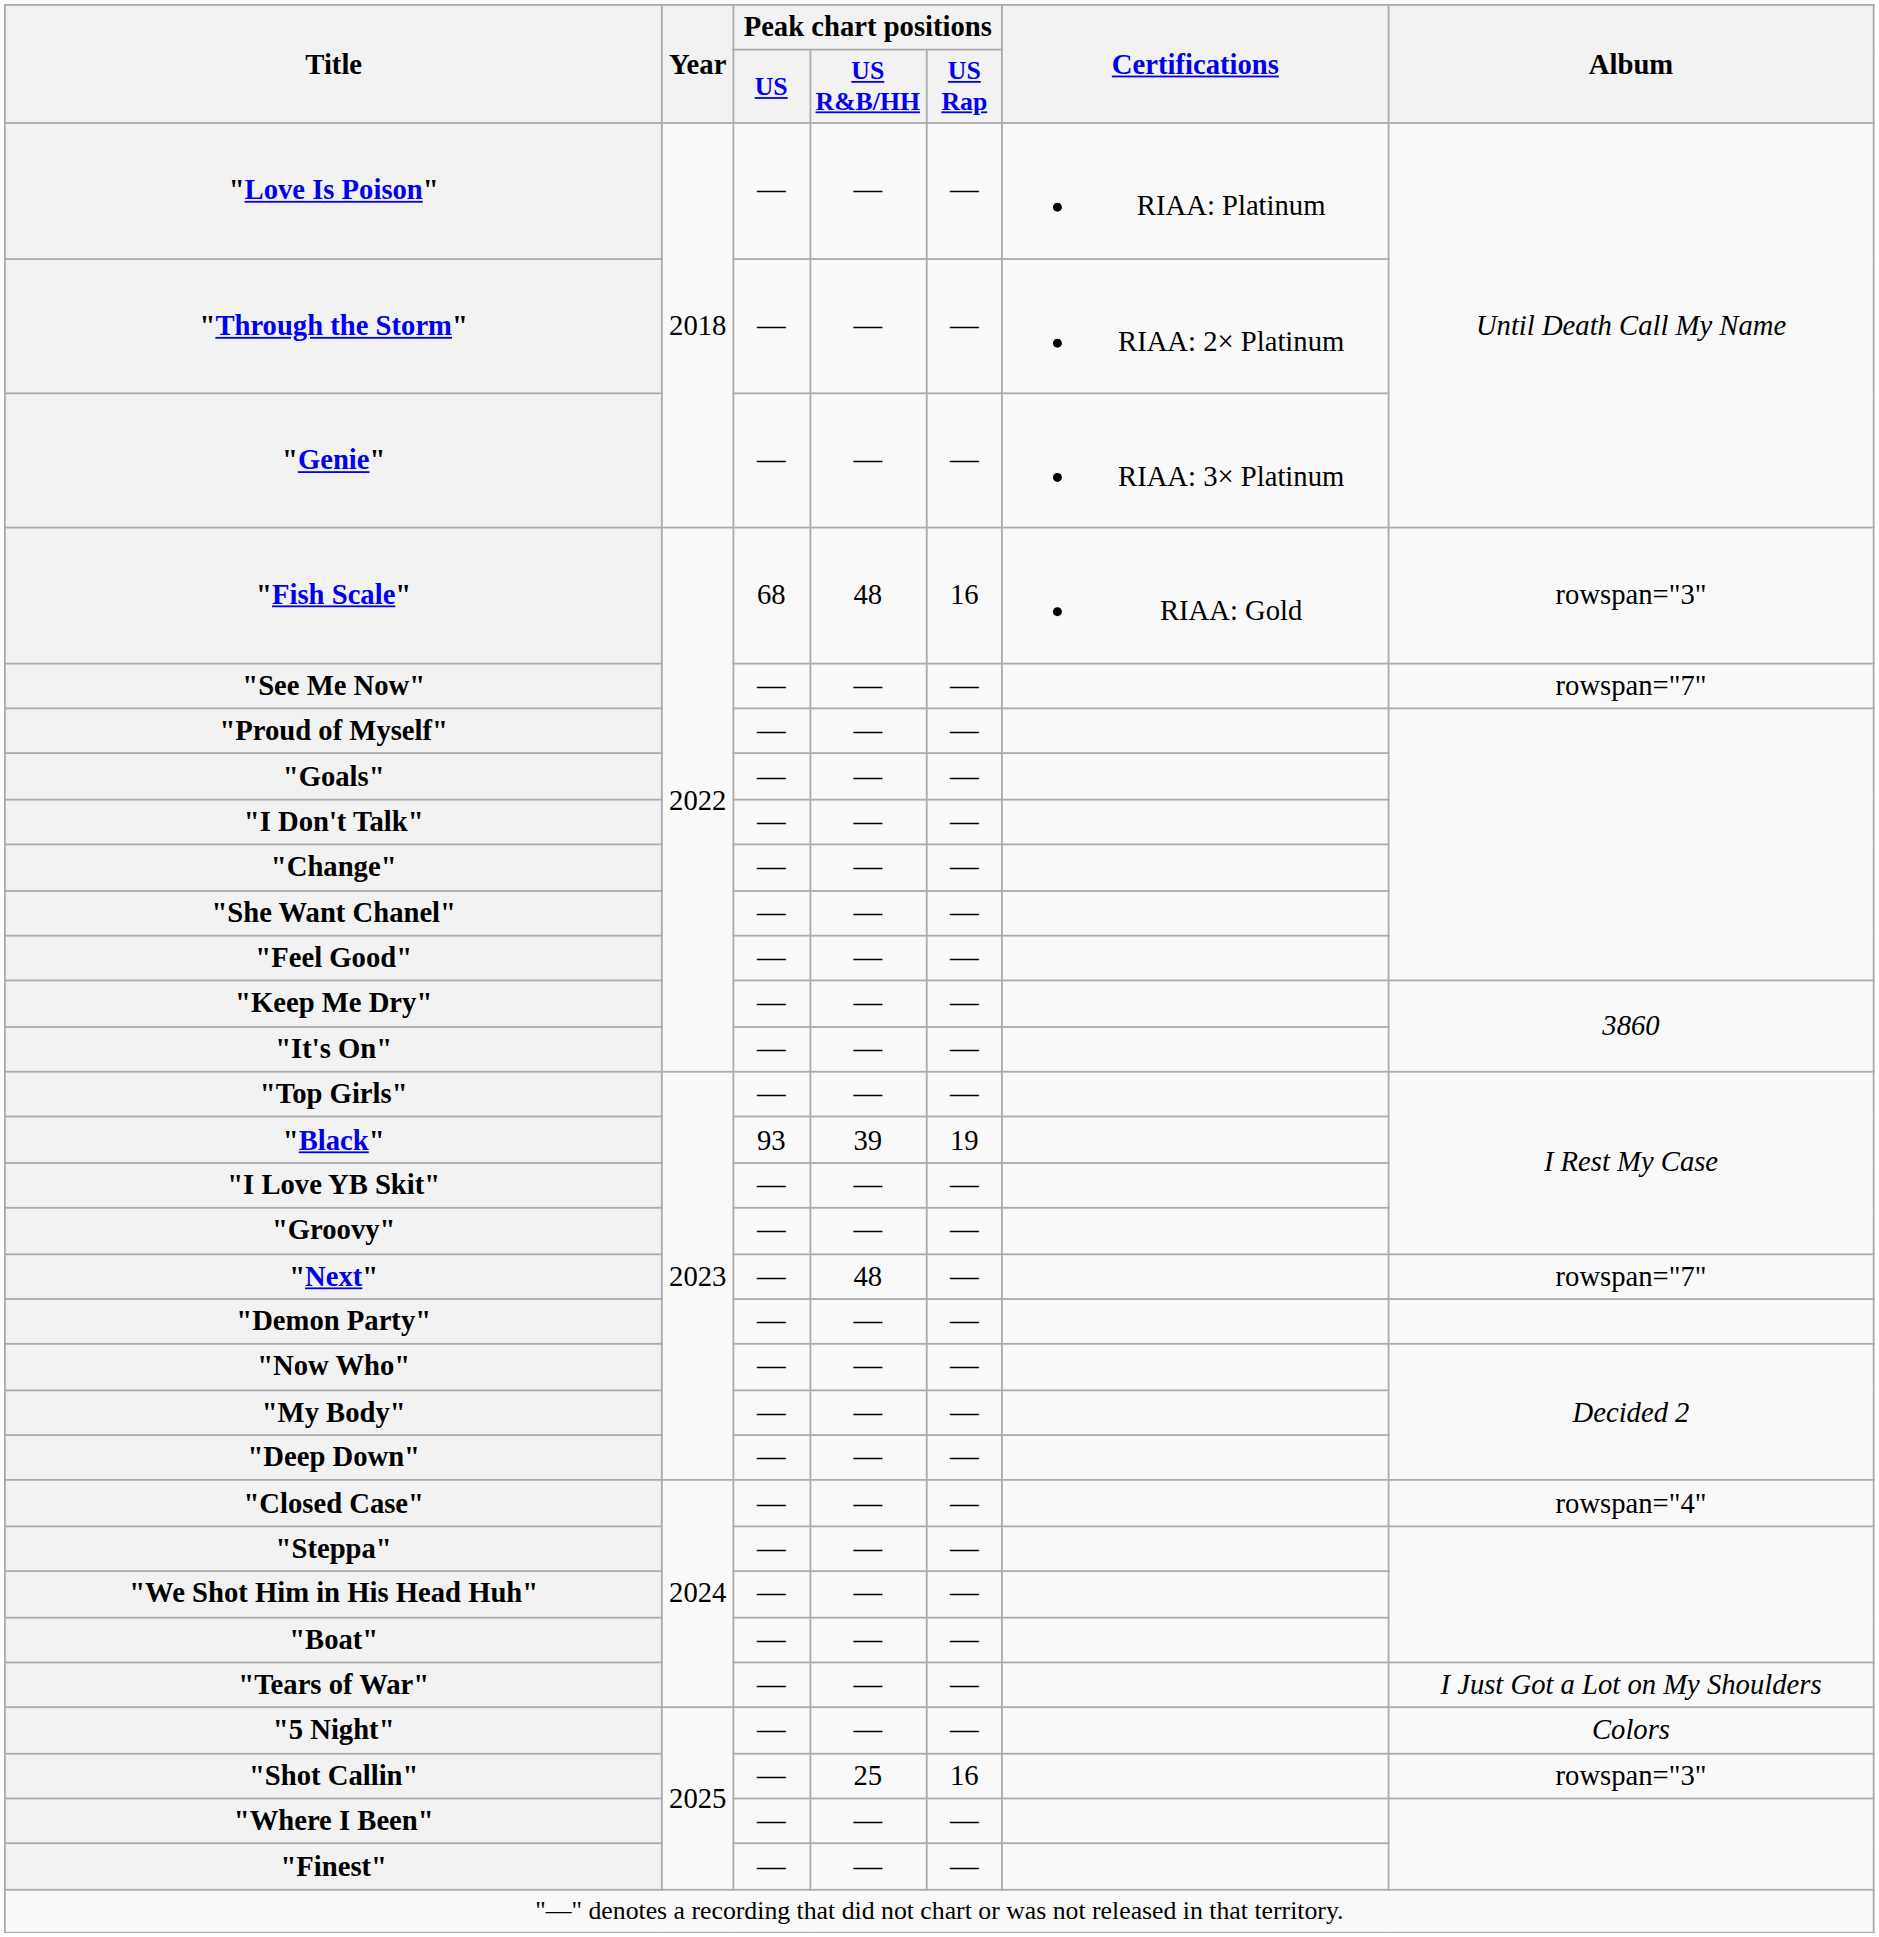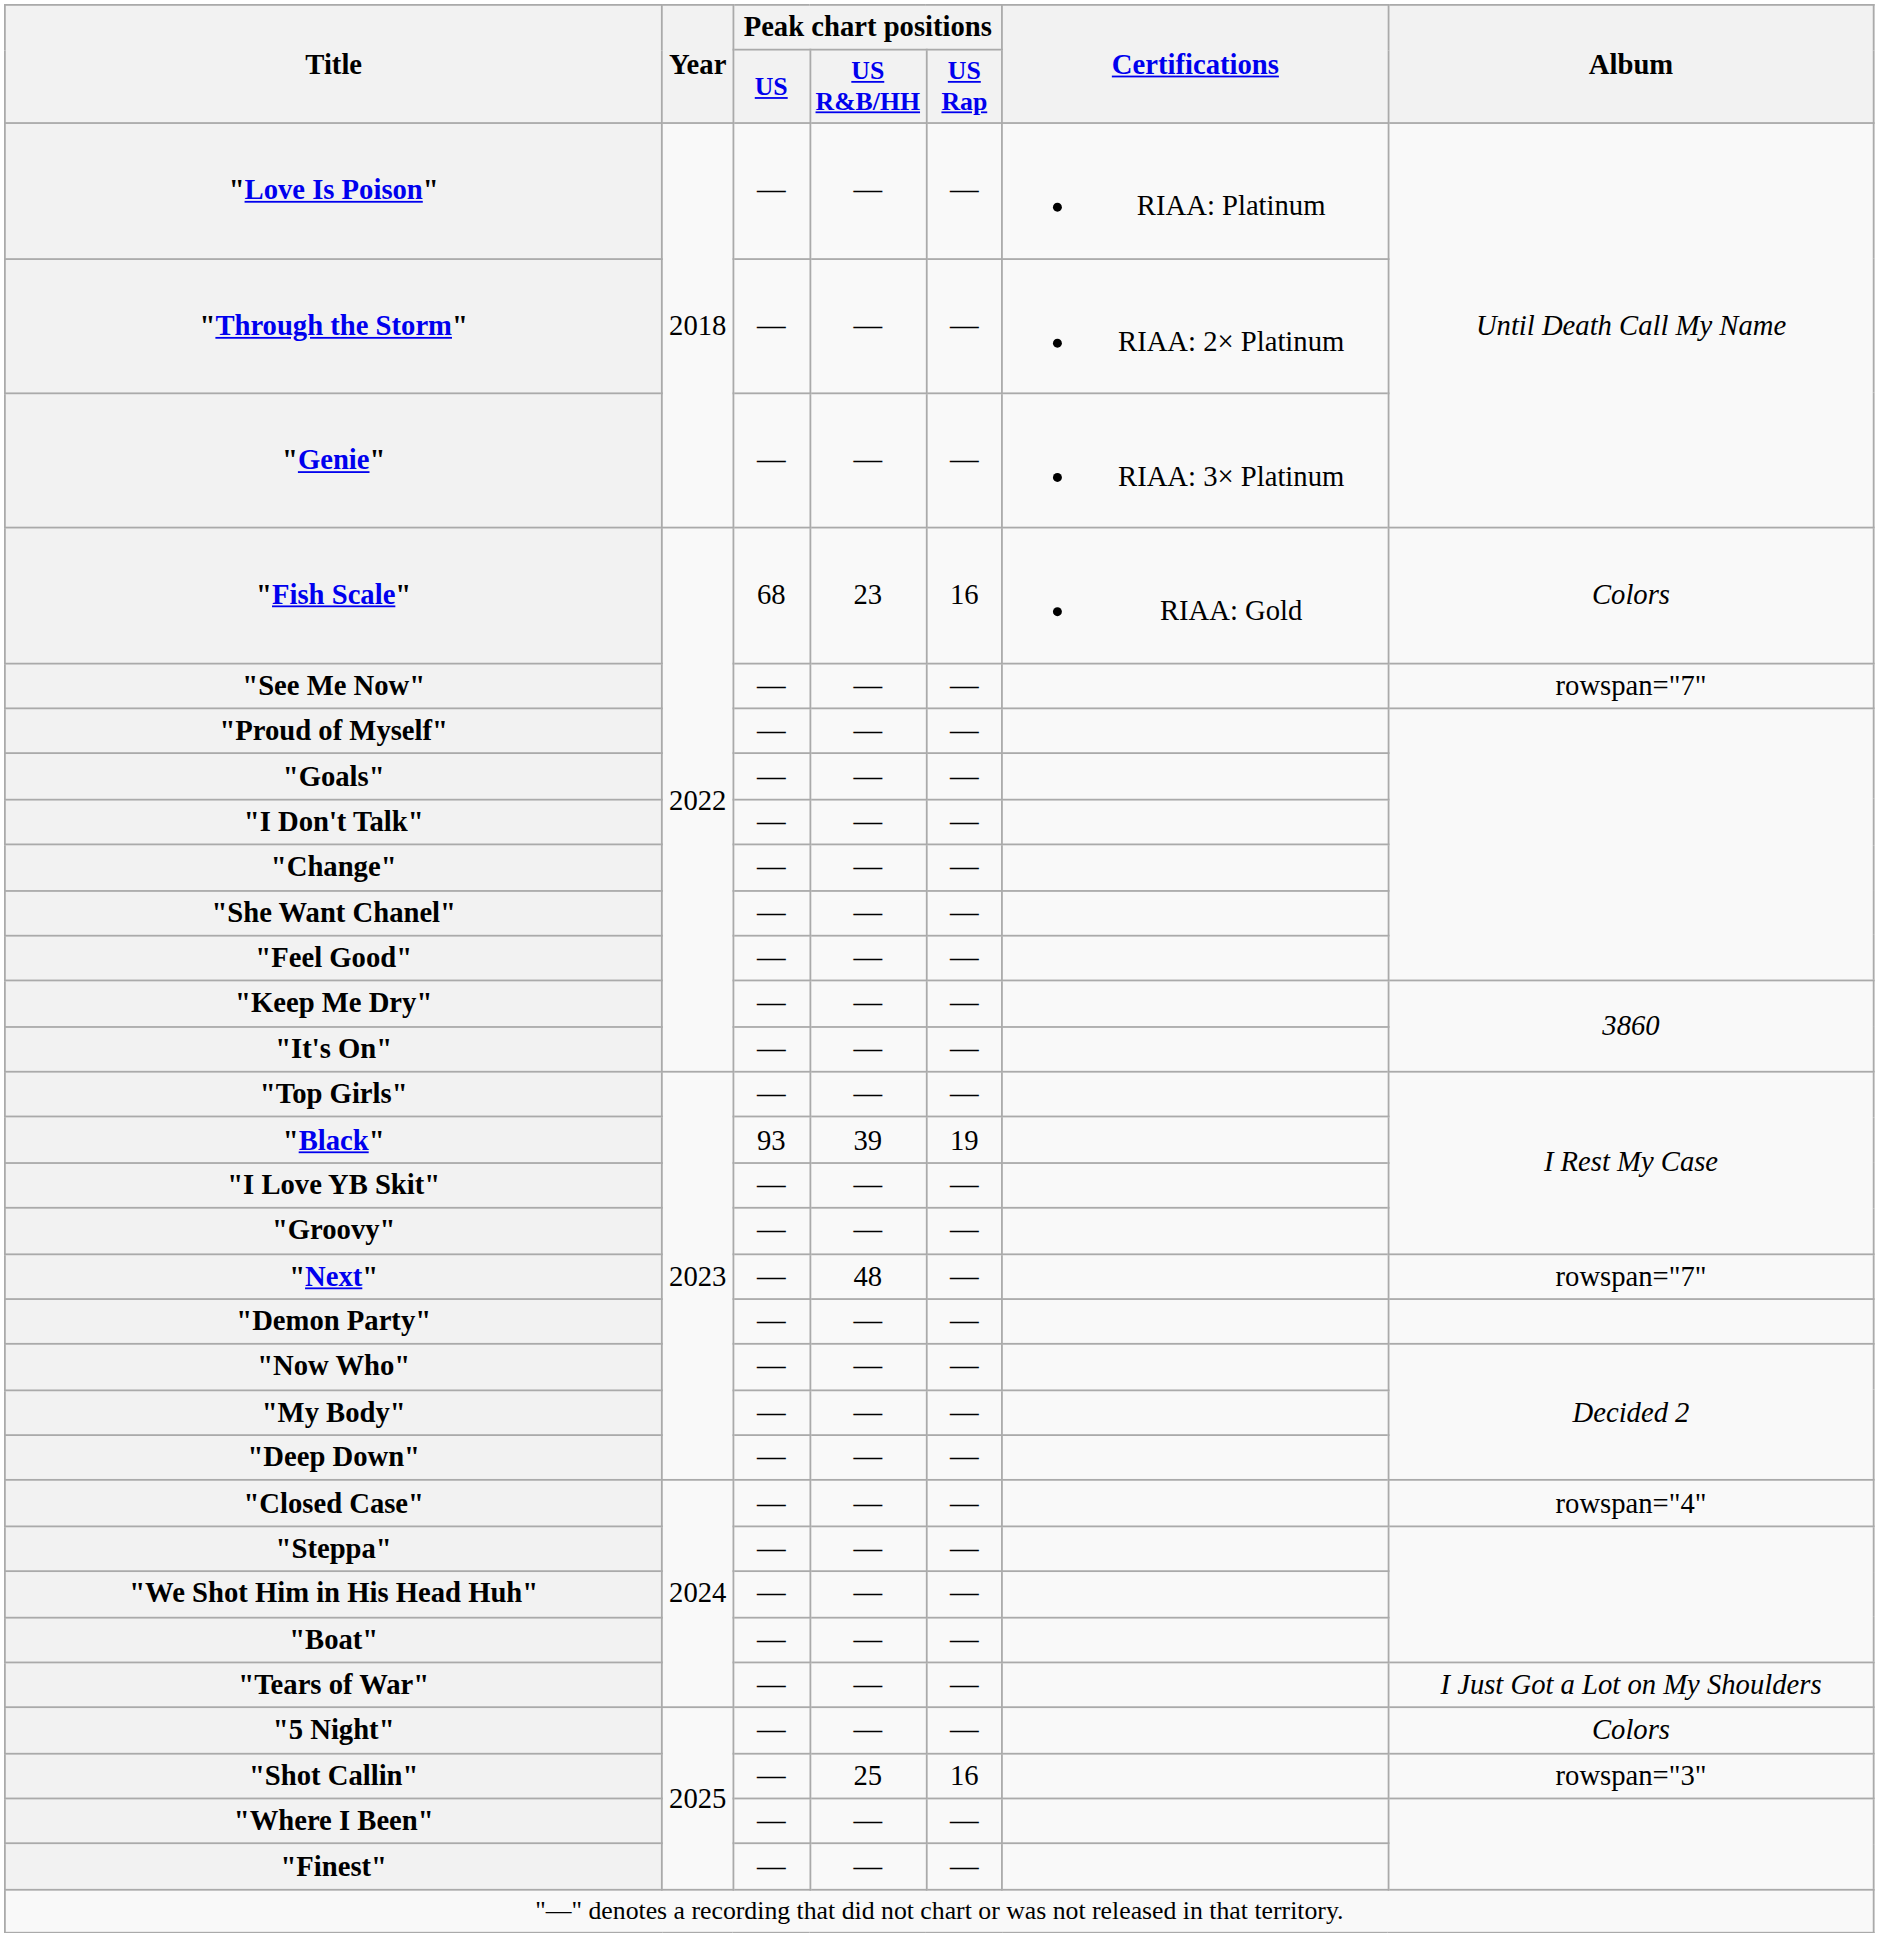 <table class="wikitable plainrowheaders" style="text-align:center;">
 <tr>
 <th scope="col" rowspan="2" style="width:22.5em;">Title</th>
 <th scope="col" rowspan="2" style="width:1em;">Year</th>
 <th scope="col" colspan="3">Peak chart positions</th>
 <th scope="col" rowspan="2" style="width:13em;"><a href='#'>Certifications</a></th>
 <th scope="col" rowspan="2" style="width:16.5em;">Album</th>
 </tr>
 <tr>
 <th scope="col" style="width:2.5em;font-size:90%;"><a href='#'>US</a><br></th>
 <th scope="col" style="width:2.5em;font-size:90%;"><a href='#'>US<br>R&B/HH</a><br></th>
 <th scope="col" style="width:2.5em;font-size:90%;"><a href='#'>US<br>Rap</a><br></th>
 </tr>
 <tr>
 <th scope="row">"<a href='#'>Love Is Poison</a>"</th>
 <td rowspan="3">2018</td>
 <td>—</td>
 <td>—</td>
 <td>—</td>
 <td><br><ul><li>RIAA: Platinum</li></ul></td>
 <td rowspan="3"><em>Until Death Call My Name</em></td>
 </tr>
 <tr>
 <th scope="row">"<a href='#'>Through the Storm</a>"</th>
 <td>—</td>
 <td>—</td>
 <td>—</td>
 <td><br><ul><li>RIAA: 2× Platinum</li></ul></td>
 </tr>
 <tr>
 <th scope="row">"<a href='#'>Genie</a>"</th>
 <td>—</td>
 <td>—</td>
 <td>—</td>
 <td><br><ul><li>RIAA: 3× Platinum</li></ul></td>
 </tr>
 <tr>
 <th scope="row">"<a href='#'>Fish Scale</a>"</th>
 <td rowspan="10">2022</td>
 <td>68</td>
-<td>48</td>
+<td>23</td>
 <td>16</td>
 <td><br><ul><li>RIAA: Gold</li></ul></td>
-<td>rowspan="3" </td>
+<td><em>Colors</em></td>
 </tr>
 <tr>
 <th scope="row">"See Me Now"</th>
 <td>—</td>
 <td>—</td>
 <td>—</td>
 <td></td>
 <td>rowspan="7" </td>
 </tr>
 <tr>
 <th scope="row">"Proud of Myself"</th>
 <td>—</td>
 <td>—</td>
 <td>—</td>
 <td></td>
 </tr>
 <tr>
 <th scope="row">"Goals"</th>
 <td>—</td>
 <td>—</td>
 <td>—</td>
 <td></td>
 </tr>
 <tr>
 <th scope="row">"I Don't Talk"</th>
 <td>—</td>
 <td>—</td>
 <td>—</td>
 <td></td>
 </tr>
 <tr>
 <th scope="row">"Change"</th>
 <td>—</td>
 <td>—</td>
 <td>—</td>
 <td></td>
 </tr>
 <tr>
 <th scope="row">"She Want Chanel"</th>
 <td>—</td>
 <td>—</td>
 <td>—</td>
 <td></td>
 </tr>
 <tr>
 <th scope="row">"Feel Good"</th>
 <td>—</td>
 <td>—</td>
 <td>—</td>
 <td></td>
 </tr>
 <tr>
 <th scope="row">"Keep Me Dry"<br></th>
 <td>—</td>
 <td>—</td>
 <td>—</td>
 <td></td>
 <td rowspan="2"><em>3860</em></td>
 </tr>
 <tr>
 <th scope="row">"It's On"<br></th>
 <td>—</td>
 <td>—</td>
 <td>—</td>
 <td></td>
 </tr>
 <tr>
 <th scope="row">"Top Girls"</th>
 <td rowspan="9">2023</td>
 <td>—</td>
 <td>—</td>
 <td>—</td>
 <td></td>
 <td rowspan="4"><em>I Rest My Case</em></td>
 </tr>
 <tr>
 <th scope="row">"<a href='#'>Black</a>"</th>
 <td>93</td>
 <td>39</td>
 <td>19</td>
 <td></td>
 </tr>
 <tr>
 <th scope="row">"I Love YB Skit"</th>
 <td>—</td>
 <td>—</td>
 <td>—</td>
 <td></td>
 </tr>
 <tr>
 <th scope="row">"Groovy"</th>
 <td>—</td>
 <td>—</td>
 <td>—</td>
 <td></td>
 </tr>
 <tr>
 <th scope="row">"<a href='#'>Next</a>"</th>
 <td>—</td>
 <td>48</td>
 <td>—</td>
 <td></td>
 <td>rowspan="7" </td>
 </tr>
 <tr>
 <th scope="row">"Demon Party"</th>
 <td>—</td>
 <td>—</td>
 <td>—</td>
 <td></td>
 </tr>
 <tr>
 <th scope="row">"Now Who"</th>
 <td>—</td>
 <td>—</td>
 <td>—</td>
 <td></td>
 <td rowspan="3"><em>Decided 2</em></td>
 </tr>
 <tr>
 <th scope="row">"My Body"</th>
 <td>—</td>
 <td>—</td>
 <td>—</td>
 <td></td>
 </tr>
 <tr>
 <th scope="row">"Deep Down"</th>
 <td>—</td>
 <td>—</td>
 <td>—</td>
 <td></td>
 </tr>
 <tr>
 <th scope="row">"Closed Case"</th>
 <td rowspan="5">2024</td>
 <td>—</td>
 <td>—</td>
 <td>—</td>
 <td></td>
 <td>rowspan="4" </td>
 </tr>
 <tr>
 <th scope="row">"Steppa"</th>
 <td>—</td>
 <td>—</td>
 <td>—</td>
 <td></td>
 </tr>
 <tr>
 <th scope="row">"We Shot Him in His Head Huh"</th>
 <td>—</td>
 <td>—</td>
 <td>—</td>
 <td></td>
 </tr>
 <tr>
 <th scope="row">"Boat"</th>
 <td>—</td>
 <td>—</td>
 <td>—</td>
 <td></td>
 </tr>
 <tr>
 <th scope="row">"Tears of War"</th>
 <td>—</td>
 <td>—</td>
 <td>—</td>
 <td></td>
 <td><em>I Just Got a Lot on My Shoulders</em></td>
 </tr>
 <tr>
 <th scope="row">"5 Night"</th>
 <td rowspan="4">2025</td>
 <td>—</td>
 <td>—</td>
 <td>—</td>
 <td></td>
 <td><em>Colors</em></td>
 </tr>
 <tr>
 <th scope="row">"Shot Callin"</th>
 <td>—</td>
 <td>25</td>
 <td>16</td>
 <td></td>
 <td>rowspan="3" </td>
 </tr>
 <tr>
 <th scope="row">"Where I Been"</th>
 <td>—</td>
 <td>—</td>
 <td>—</td>
 <td></td>
 </tr>
 <tr>
 <th scope="row">"Finest"</th>
 <td>—</td>
 <td>—</td>
 <td>—</td>
 <td></td>
 </tr>
 <tr>
 <td colspan="7" style="font-size:90%">"—" denotes a recording that did not chart or was not released in that territory.</td>
 </tr>
 </table>
